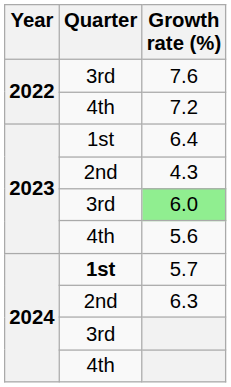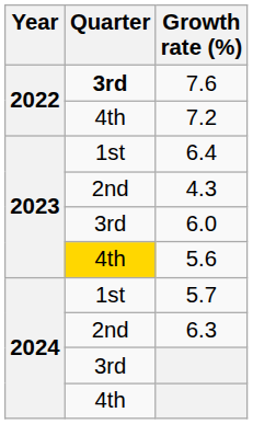 <table class="wikitable floatright" style="text-align:center;">
 <tr style="vertical-align:top;">
 <th scope="col">Year</th>
 <th scope="col">Quarter</th>
 <th scope="col">Growth<br>rate (%)</th>
 </tr>
 <tr>
 <th scope="row" rowspan="2">2022</th>
-<td>3rd</td>
+<td><strong>3rd</strong></td>
 <td>7.6</td>
 </tr>
 <tr>
 <td>4th</td>
 <td>7.2</td>
 </tr>
 <tr>
 <th scope="row" rowspan="4">2023</th>
 <td>1st</td>
 <td>6.4</td>
 </tr>
 <tr>
 <td>2nd</td>
 <td>4.3</td>
 </tr>
 <tr>
 <td>3rd</td>
-<td style="background: lightgreen;">6.0</td>
+<td>6.0</td>
 </tr>
 <tr>
-<td>4th</td>
+<td style="background: gold;">4th</td>
 <td>5.6</td>
 </tr>
 <tr>
 <th scope="row" rowspan="4">2024</th>
-<td><strong>1st</strong></td>
+<td>1st</td>
 <td>5.7</td>
 </tr>
 <tr>
 <td>2nd</td>
 <td>6.3</td>
 </tr>
 <tr>
 <td>3rd</td>
 <th></th>
 </tr>
 <tr>
 <td>4th</td>
 <th></th>
 </tr>
 </table>
